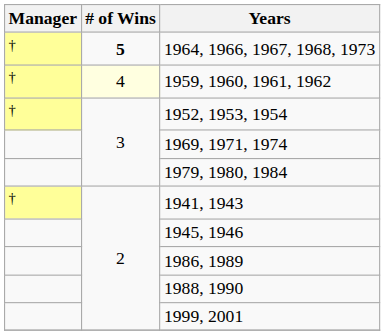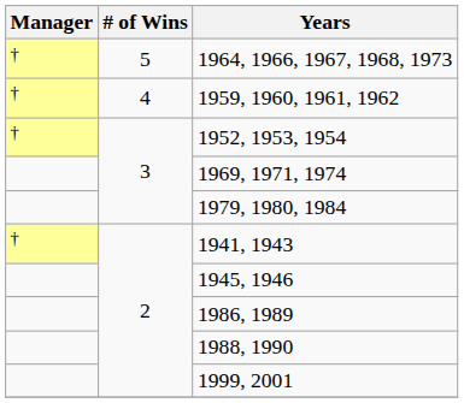 <table class="wikitable sortable plainrowheaders">
 <tr>
 <th scope="col">Manager</th>
 <th scope="col"># of Wins</th>
 <th scope="col">Years</th>
 </tr>
 <tr>
 <td bgcolor="#ffff99" align=left> <sup>†</sup></td>
-<td style="text-align:center;"><strong>5</strong></td>
+<td style="text-align:center;">5</td>
 <td>1964, 1966, 1967, 1968, 1973</td>
 </tr>
 <tr>
 <td bgcolor="#ffff99" align=left> <sup>†</sup></td>
-<td style="background: lightyellow; text-align:center;">4</td>
+<td style="text-align:center;">4</td>
 <td>1959, 1960, 1961, 1962</td>
 </tr>
 <tr>
 <td bgcolor="#ffff99" align=left> <sup>†</sup></td>
 <td rowspan=3 style="text-align:center;">3</td>
 <td>1952, 1953, 1954</td>
 </tr>
 <tr>
 <td> </td>
 <td>1969, 1971, 1974</td>
 </tr>
 <tr>
 <td> </td>
 <td>1979, 1980, 1984</td>
 </tr>
 <tr>
 <td bgcolor="#ffff99" align=left> <sup>†</sup></td>
 <td rowspan=5 style="text-align:center;">2</td>
 <td>1941, 1943</td>
 </tr>
 <tr>
 <td> </td>
 <td>1945, 1946</td>
 </tr>
 <tr>
 <td> </td>
 <td>1986, 1989</td>
 </tr>
 <tr>
 <td> </td>
 <td>1988, 1990</td>
 </tr>
 <tr>
 <td> </td>
 <td>1999, 2001</td>
 </tr>
 <tr>
 </tr>
 </table>
